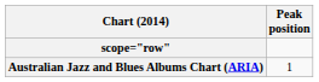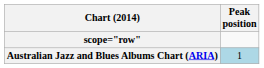 <table class="wikitable plainrowheaders sortable" style="text-align:center;">
 <tr>
 <th scope="col">Chart (2014)</th>
 <th scope="col">Peak<br>position</th>
 </tr>
 <tr>
 <th>scope="row" </th>
 </tr>
 <tr>
 <th scope="row">Australian Jazz and Blues Albums Chart (<a href='#'>ARIA</a>)</th>
-<td style="text-align:center;">1 </td>
+<td style="background: lightblue; text-align:center;">1 </td>
 </tr>
 </table>
